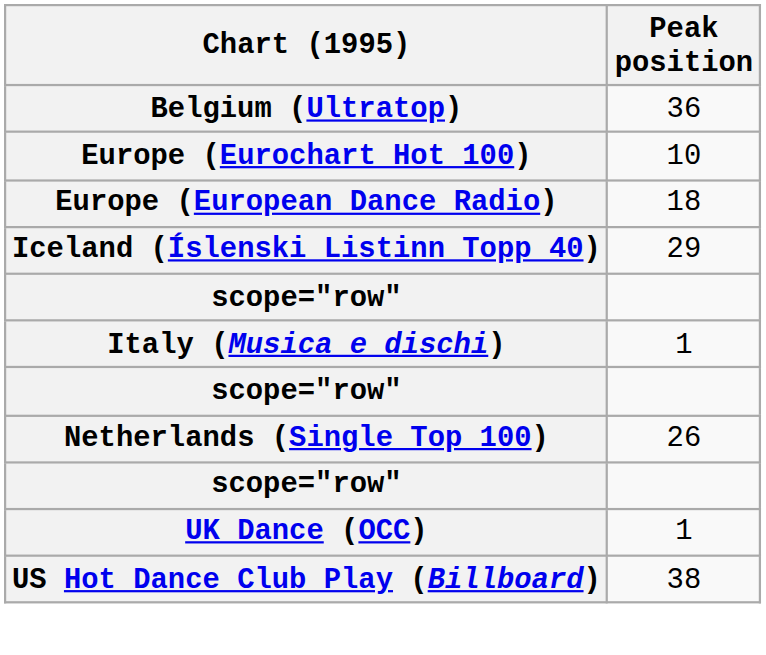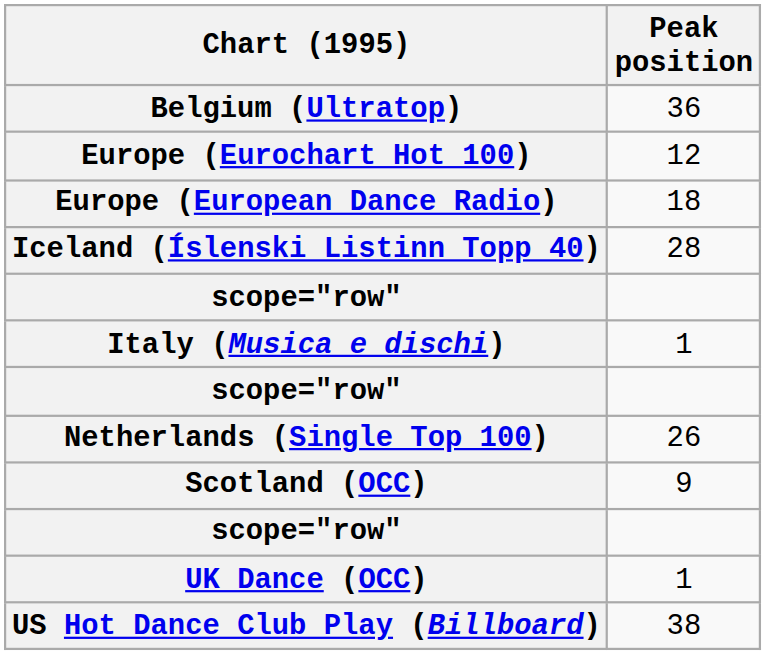 <table class="wikitable sortable plainrowheaders" style="text-align:center">
 <tr>
 <th scope="col">Chart (1995)</th>
 <th scope="col">Peak<br>position</th>
 </tr>
 <tr>
 <th scope="row">Belgium (<a href='#'>Ultratop</a>)</th>
 <td>36</td>
 </tr>
 <tr>
 <th scope="row">Europe (<a href='#'>Eurochart Hot 100</a>)</th>
-<td>10</td>
+<td>12</td>
 </tr>
 <tr>
 <th scope="row">Europe (<a href='#'>European Dance Radio</a>)</th>
 <td>18</td>
 </tr>
 <tr>
 <th scope="row">Iceland (<a href='#'>Íslenski Listinn Topp 40</a>)</th>
-<td>29</td>
+<td>28</td>
 </tr>
 <tr>
 <th>scope="row"</th>
 </tr>
 <tr>
 <th scope="row">Italy (<em><a href='#'>Musica e dischi</a></em>)</th>
 <td>1</td>
 </tr>
 <tr>
 <th>scope="row"</th>
 </tr>
 <tr>
 <th scope="row">Netherlands (<a href='#'>Single Top 100</a>)</th>
 <td>26</td>
 </tr>
 <tr>
+<th scope="row">Scotland (<a href='#'>OCC</a>)</th>
+<td>9</td>
+</tr>
+<tr>
 <th>scope="row"</th>
 </tr>
 <tr>
 <th scope="row"><a href='#'>UK Dance</a> (<a href='#'>OCC</a>)</th>
 <td>1</td>
 </tr>
 <tr>
 <th scope="row">US <a href='#'>Hot Dance Club Play</a> (<em><a href='#'>Billboard</a></em>)</th>
 <td>38</td>
 </tr>
 </table>
